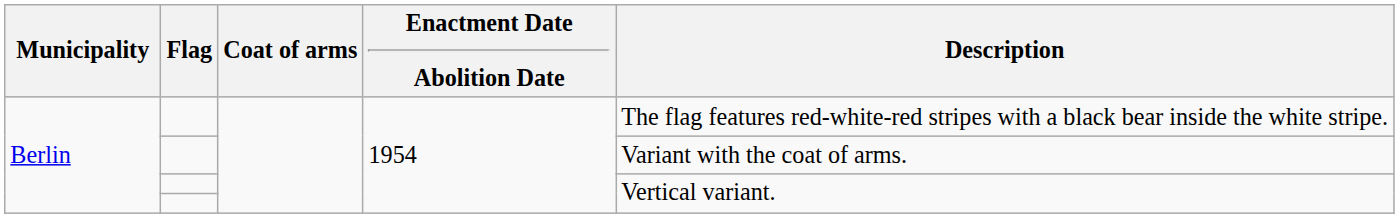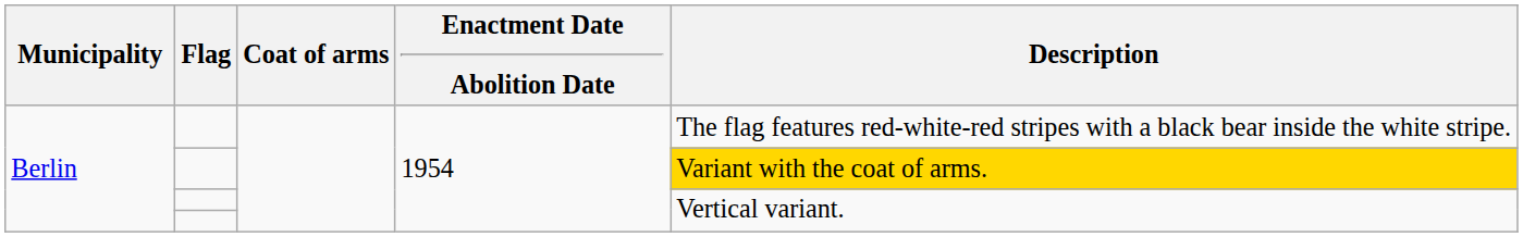 <table class="wikitable">
 <tr>
 <th style="width:12ch;">Municipality</th>
 <th>Flag</th>
 <th>Coat of arms</th>
 <th style="width:20ch;">Enactment Date<hr>Abolition Date</th>
 <th>Description</th>
 </tr>
 <tr>
 <td rowspan="4"><a href='#'>Berlin</a></td>
 <td></td>
 <td rowspan="4"></td>
 <td rowspan="4">1954</td>
 <td> The flag features red-white-red stripes with a black bear inside the white stripe.</td>
 </tr>
 <tr>
 <td></td>
-<td>Variant with the coat of arms.</td>
+<td style="background: gold;">Variant with the coat of arms.</td>
 </tr>
 <tr>
 <td></td>
 <td rowspan="2">Vertical variant.</td>
 </tr>
 <tr>
 <td></td>
 </tr>
 </table>
